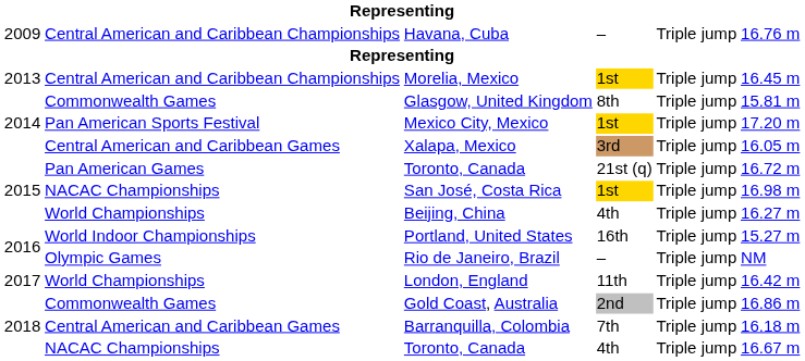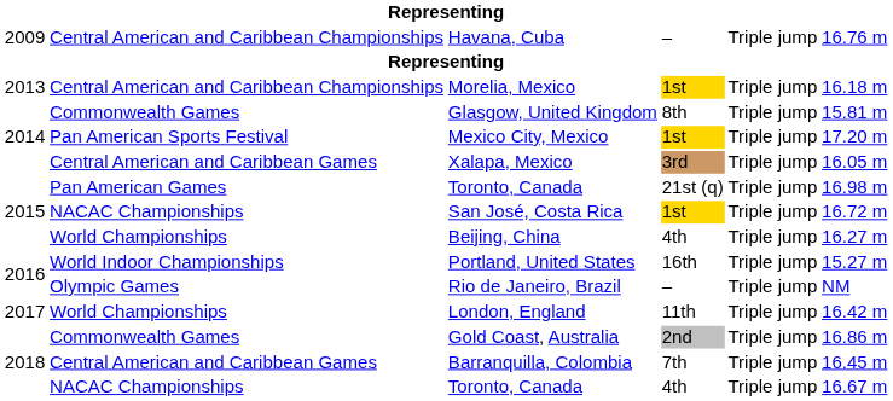 <table>
 <tr>
 <th colspan="6">Representing </th>
 </tr>
 <tr>
 <td>2009</td>
 <td><a href='#'>Central American and Caribbean Championships</a></td>
 <td><a href='#'>Havana, Cuba</a></td>
 <td>–</td>
 <td>Triple jump</td>
 <td><a href='#'>16.76 m</a></td>
 </tr>
 <tr>
 <th colspan="6">Representing </th>
 </tr>
 <tr>
 <td>2013</td>
 <td><a href='#'>Central American and Caribbean Championships</a></td>
 <td><a href='#'>Morelia, Mexico</a></td>
 <td bgcolor=gold>1st</td>
 <td>Triple jump</td>
-<td><a href='#'>16.45 m</a></td>
+<td><a href='#'>16.18 m</a></td>
 </tr>
 <tr>
 <td rowspan=3>2014</td>
 <td><a href='#'>Commonwealth Games</a></td>
 <td><a href='#'>Glasgow, United Kingdom</a></td>
 <td>8th</td>
 <td>Triple jump</td>
 <td><a href='#'>15.81 m</a></td>
 </tr>
 <tr>
 <td><a href='#'>Pan American Sports Festival</a></td>
 <td><a href='#'>Mexico City, Mexico</a></td>
 <td bgcolor=gold>1st</td>
 <td>Triple jump</td>
 <td><a href='#'>17.20 m</a></td>
 </tr>
 <tr>
 <td><a href='#'>Central American and Caribbean Games</a></td>
 <td><a href='#'>Xalapa, Mexico</a></td>
 <td bgcolor=cc9966>3rd</td>
 <td>Triple jump</td>
 <td><a href='#'>16.05 m</a></td>
 </tr>
 <tr>
 <td rowspan=3>2015</td>
 <td><a href='#'>Pan American Games</a></td>
 <td><a href='#'>Toronto, Canada</a></td>
 <td>21st (q)</td>
 <td>Triple jump</td>
-<td><a href='#'>16.72 m</a></td>
+<td><a href='#'>16.98 m</a></td>
 </tr>
 <tr>
 <td><a href='#'>NACAC Championships</a></td>
 <td><a href='#'>San José, Costa Rica</a></td>
 <td bgcolor=gold>1st</td>
 <td>Triple jump</td>
-<td><a href='#'>16.98 m</a></td>
+<td><a href='#'>16.72 m</a></td>
 </tr>
 <tr>
 <td><a href='#'>World Championships</a></td>
 <td><a href='#'>Beijing, China</a></td>
 <td>4th</td>
 <td>Triple jump</td>
 <td><a href='#'>16.27 m</a></td>
 </tr>
 <tr>
 <td rowspan=2>2016</td>
 <td><a href='#'>World Indoor Championships</a></td>
 <td><a href='#'>Portland, United States</a></td>
 <td>16th</td>
 <td>Triple jump</td>
 <td><a href='#'>15.27 m</a></td>
 </tr>
 <tr>
 <td><a href='#'>Olympic Games</a></td>
 <td><a href='#'>Rio de Janeiro, Brazil</a></td>
 <td>–</td>
 <td>Triple jump</td>
 <td><a href='#'>NM</a></td>
 </tr>
 <tr>
 <td>2017</td>
 <td><a href='#'>World Championships</a></td>
 <td><a href='#'>London, England</a></td>
 <td>11th</td>
 <td>Triple jump</td>
 <td><a href='#'>16.42 m</a></td>
 </tr>
 <tr>
 <td rowspan=3>2018</td>
 <td><a href='#'>Commonwealth Games</a></td>
 <td><a href='#'>Gold Coast</a>, <a href='#'>Australia</a></td>
 <td bgcolor=silver>2nd</td>
 <td>Triple jump</td>
 <td><a href='#'>16.86 m</a></td>
 </tr>
 <tr>
 <td><a href='#'>Central American and Caribbean Games</a></td>
 <td><a href='#'>Barranquilla, Colombia</a></td>
 <td>7th</td>
 <td>Triple jump</td>
-<td><a href='#'>16.18 m</a></td>
+<td><a href='#'>16.45 m</a></td>
 </tr>
 <tr>
 <td><a href='#'>NACAC Championships</a></td>
 <td><a href='#'>Toronto, Canada</a></td>
 <td>4th</td>
 <td>Triple jump</td>
 <td><a href='#'>16.67 m</a></td>
 </tr>
 </table>
